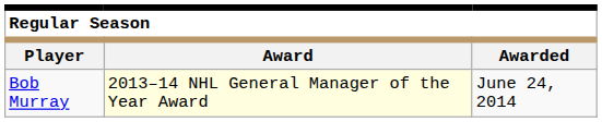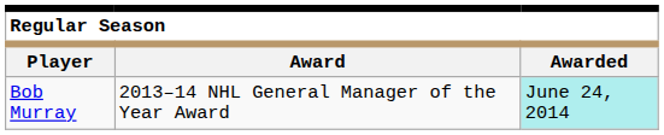 <table class="wikitable" style="width:52%;">
 <tr>
 <td colspan="10" style="background:#FFFFFF; border-top:#000000 5px solid; border-bottom:#b9986b 5px solid;"><strong>Regular Season</strong></td>
 </tr>
 <tr>
 <th>Player</th>
 <th>Award</th>
 <th>Awarded</th>
 </tr>
 <tr>
 <td><a href='#'>Bob Murray</a></td>
-<td style="background: lightyellow;">2013–14 NHL General Manager of the Year Award</td>
-<td>June 24, 2014</td>
+<td>2013–14 NHL General Manager of the Year Award</td>
+<td style="background: paleturquoise;">June 24, 2014</td>
 </tr>
 </table>
